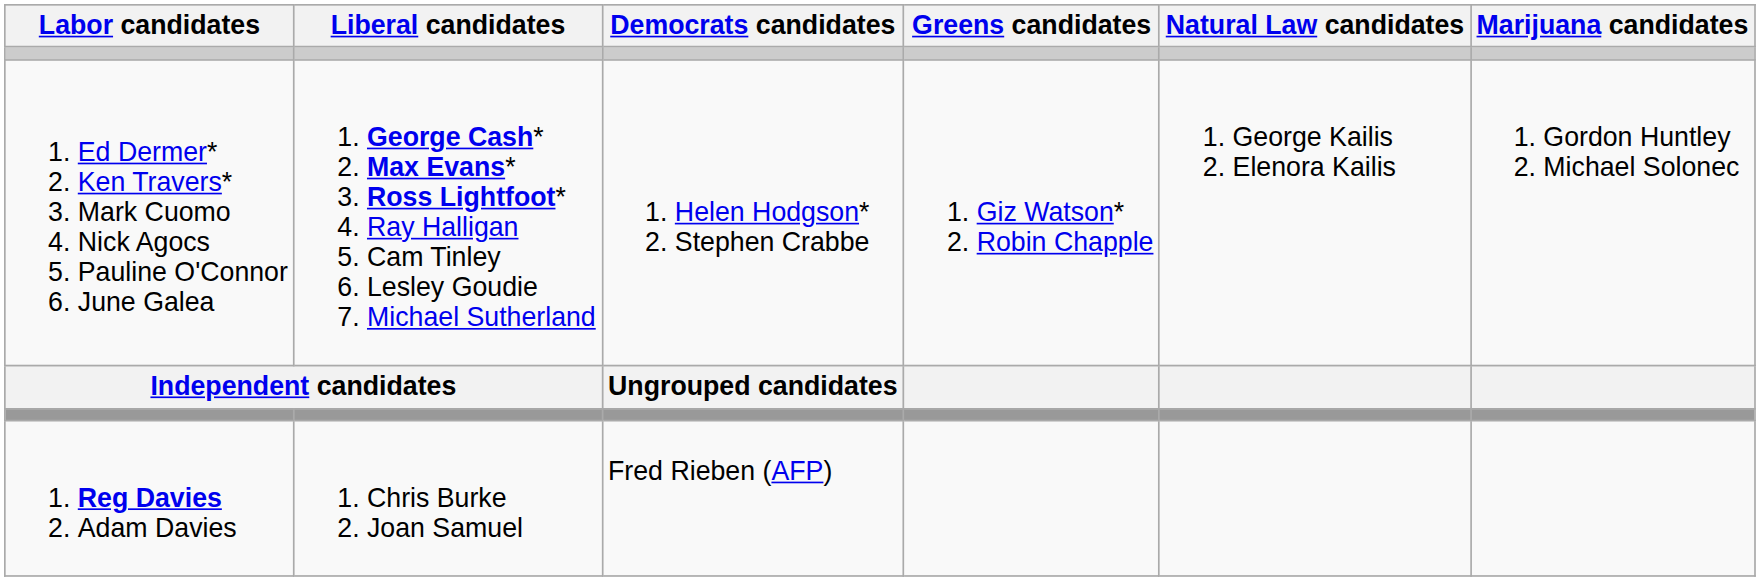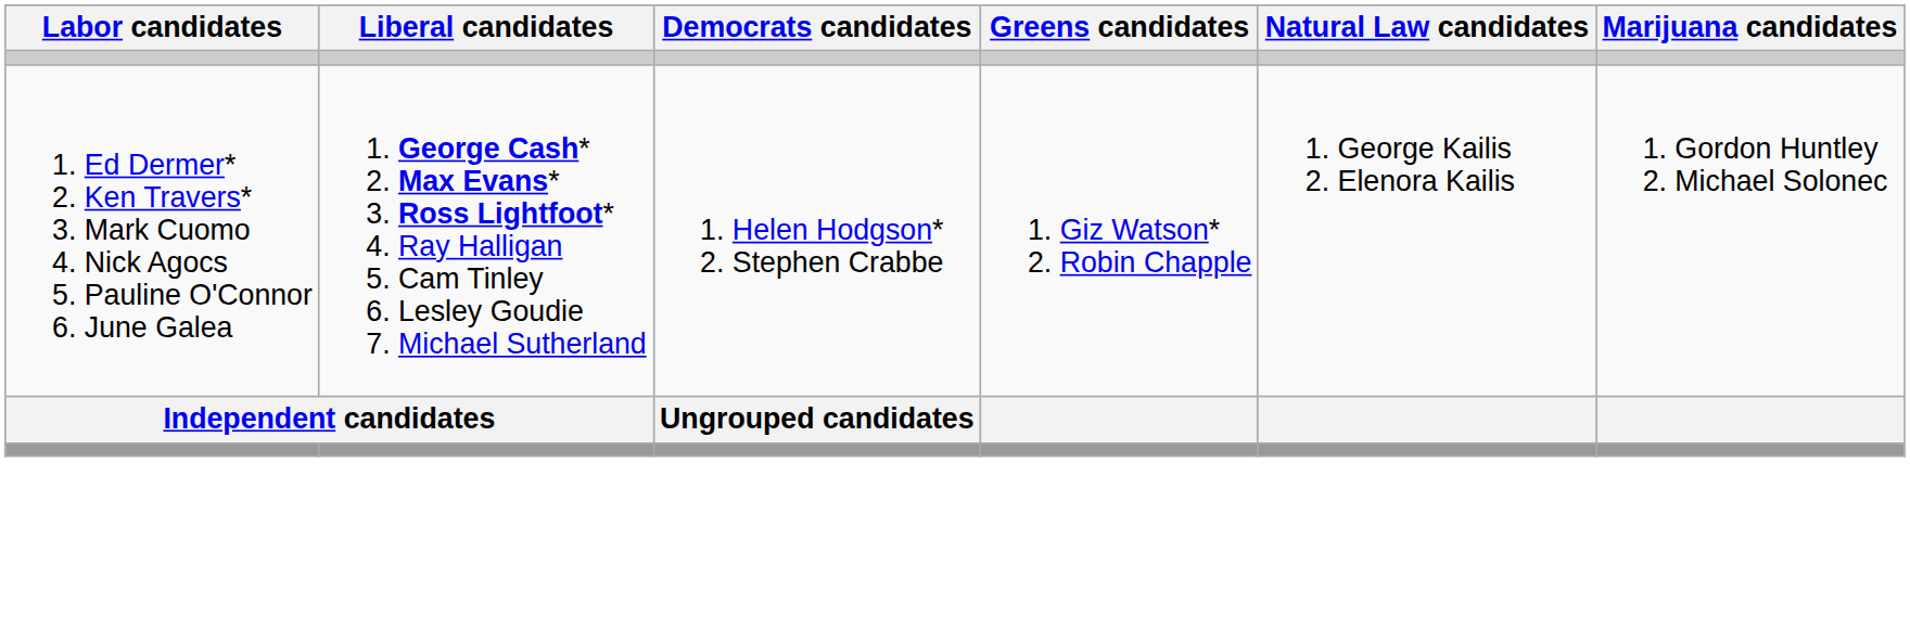 <table class="wikitable">
 <tr>
 <th><a href='#'>Labor</a> candidates</th>
 <th><a href='#'>Liberal</a> candidates</th>
 <th><a href='#'>Democrats</a> candidates</th>
 <th><a href='#'>Greens</a> candidates</th>
 <th><a href='#'>Natural Law</a> candidates</th>
 <th><a href='#'>Marijuana</a> candidates</th>
 </tr>
 <tr bgcolor="#cccccc">
 <td></td>
 <td></td>
 <td></td>
 <td></td>
 <td></td>
 <td></td>
 </tr>
 <tr>
 <td><br><ol><li><a href='#'>Ed Dermer</a>*</li><li><a href='#'>Ken Travers</a>*</li><li>Mark Cuomo</li><li>Nick Agocs</li><li>Pauline O'Connor</li><li>June Galea</li></ol></td>
 <td><br><ol><li><strong><a href='#'>George Cash</a></strong>*</li><li><strong><a href='#'>Max Evans</a></strong>*</li><li><strong><a href='#'>Ross Lightfoot</a></strong>*</li><li><a href='#'>Ray Halligan</a></li><li>Cam Tinley</li><li>Lesley Goudie</li><li><a href='#'>Michael Sutherland</a></li></ol></td>
 <td><br><ol><li><a href='#'>Helen Hodgson</a>*</li><li>Stephen Crabbe</li></ol></td>
 <td><br><ol><li><a href='#'>Giz Watson</a>*</li><li><a href='#'>Robin Chapple</a></li></ol></td>
 <td valign=top><br><ol><li>George Kailis</li><li>Elenora Kailis</li></ol></td>
 <td valign=top><br><ol><li>Gordon Huntley</li><li>Michael Solonec</li></ol></td>
 </tr>
 <tr bgcolor="#cccccc">
 <th colspan="2"><a href='#'>Independent</a> candidates</th>
 <th>Ungrouped candidates</th>
 <th></th>
 <th></th>
 <th></th>
 </tr>
 <tr bgcolor="#999999">
 <td bgcolor="#999999"></td>
 <td bgcolor="#999999"></td>
 <td bgcolor="#999999"></td>
 <td bgcolor="#999999"></td>
 <td bgcolor="#999999"></td>
 <td bgcolor="#999999"></td>
 </tr>
-<tr>
-<td valign=top><br><ol><li><strong><a href='#'>Reg Davies</a></strong></li><li>Adam Davies</li></ol></td>
-<td valign=top><br><ol><li>Chris Burke</li><li>Joan Samuel</li></ol></td>
-<td valign=top><br>Fred Rieben (<a href='#'>AFP</a>)</td>
-<td valign=top></td>
-<td valign=top></td>
-<td valign=top></td>
-</tr>
 </table>
